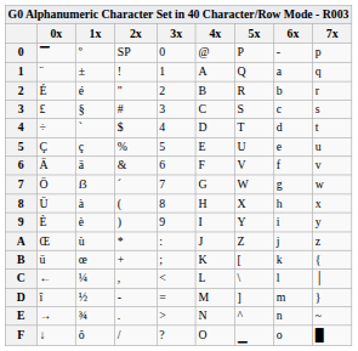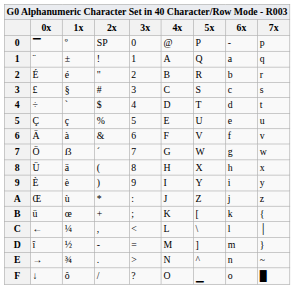 <table class="wikitable">
 <tr>
 <th colspan="9" style="background-color:#EAECF0;">G0 Alphanumeric Character Set in 40 Character/Row Mode - R003</th>
 </tr>
 <tr>
 <th></th>
 <th>0x</th>
 <th>1x</th>
 <th>2x</th>
 <th>3x</th>
 <th>4x</th>
 <th>5x</th>
 <th>6x</th>
 <th>7x</th>
 </tr>
 <tr>
 <th>0</th>
 <td>▔</td>
 <td>º</td>
 <td>SP</td>
 <td>0</td>
 <td>@</td>
 <td>P</td>
 <td>-</td>
 <td>p</td>
 </tr>
 <tr>
 <th>1</th>
 <td>¨</td>
 <td>±</td>
 <td>!</td>
 <td>1</td>
 <td>A</td>
 <td>Q</td>
 <td>a</td>
 <td>q</td>
 </tr>
 <tr>
 <th>2</th>
 <td>É</td>
 <td>é</td>
 <td>"</td>
 <td>2</td>
 <td>B</td>
 <td>R</td>
 <td>b</td>
 <td>r</td>
 </tr>
 <tr>
 <th>3</th>
 <td>£</td>
 <td>§</td>
 <td>#</td>
 <td>3</td>
 <td>C</td>
 <td>S</td>
 <td>c</td>
 <td>s</td>
 </tr>
 <tr>
 <th>4</th>
 <td>÷</td>
 <td>`</td>
 <td>$</td>
 <td>4</td>
 <td>D</td>
 <td>T</td>
 <td>d</td>
 <td>t</td>
 </tr>
 <tr>
 <th>5</th>
 <td>Ç</td>
 <td>ç</td>
 <td>%</td>
 <td>5</td>
 <td>E</td>
 <td>U</td>
 <td>e</td>
 <td>u</td>
 </tr>
 <tr>
 <th>6</th>
 <td>Ä</td>
-<td>ä</td>
+<td>à</td>
 <td>&</td>
 <td>6</td>
 <td>F</td>
 <td>V</td>
 <td>f</td>
 <td>v</td>
 </tr>
 <tr>
 <th>7</th>
 <td>Ö</td>
 <td>ẞ</td>
 <td>´</td>
 <td>7</td>
 <td>G</td>
 <td>W</td>
 <td>g</td>
 <td>w</td>
 </tr>
 <tr>
 <th>8</th>
 <td>Ü</td>
-<td>à</td>
+<td>ä</td>
 <td>(</td>
 <td>8</td>
 <td>H</td>
 <td>X</td>
 <td>h</td>
 <td>x</td>
 </tr>
 <tr>
 <th>9</th>
 <td>È</td>
 <td>è</td>
 <td>)</td>
 <td>9</td>
 <td>I</td>
 <td>Y</td>
 <td>i</td>
 <td>y</td>
 </tr>
 <tr>
 <th>A</th>
 <td>Œ</td>
 <td>ù</td>
 <td>*</td>
 <td>:</td>
 <td>J</td>
 <td>Z</td>
 <td>j</td>
 <td>z</td>
 </tr>
 <tr>
 <th>B</th>
 <td>ü</td>
 <td>œ</td>
 <td>+</td>
 <td>;</td>
 <td>K</td>
 <td>[</td>
 <td>k</td>
 <td>{</td>
 </tr>
 <tr>
 <th>C</th>
 <td>←</td>
 <td>¼</td>
 <td>,</td>
 <td><</td>
 <td>L</td>
 <td>\</td>
 <td>l</td>
 <td>│</td>
 </tr>
 <tr>
 <th>D</th>
 <td>î</td>
 <td>½</td>
 <td>-</td>
 <td>=</td>
 <td>M</td>
 <td>]</td>
 <td>m</td>
 <td>}</td>
 </tr>
 <tr>
 <th>E</th>
 <td>→</td>
 <td>¾</td>
 <td>.</td>
 <td>></td>
 <td>N</td>
 <td>^</td>
 <td>n</td>
 <td>~</td>
 </tr>
 <tr>
 <th>F</th>
 <td>↓</td>
 <td>ô</td>
 <td>/</td>
 <td>?</td>
 <td>O</td>
 <td>▁</td>
 <td>o</td>
 <td>█</td>
 </tr>
 </table>
